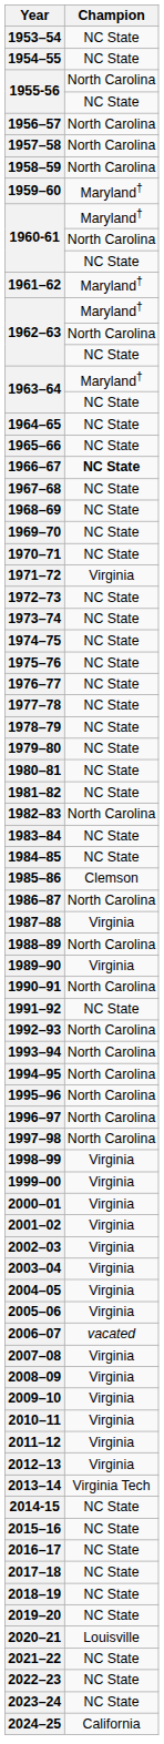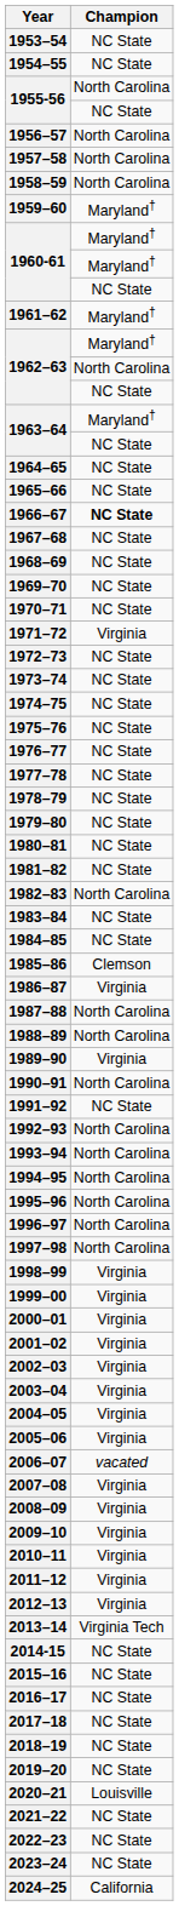 <table class="wikitable" style="text-align: center;">
 <tr>
 <th>Year</th>
 <th>Champion</th>
 </tr>
 <tr>
 <th>1953–54</th>
 <td>NC State</td>
 </tr>
 <tr>
 <th>1954–55</th>
 <td>NC State</td>
 </tr>
 <tr>
 <th rowspan="2">1955-56</th>
 <td>North Carolina</td>
 </tr>
 <tr>
 <td>NC State</td>
 </tr>
 <tr>
 <th>1956–57</th>
 <td>North Carolina</td>
 </tr>
 <tr>
 <th>1957–58</th>
 <td>North Carolina</td>
 </tr>
 <tr>
 <th>1958–59</th>
 <td>North Carolina</td>
 </tr>
 <tr>
 <th>1959–60</th>
 <td>Maryland<sup>†</sup></td>
 </tr>
 <tr>
 <th rowspan="3">1960-61</th>
 <td>Maryland<sup>†</sup></td>
 </tr>
 <tr>
-<td>North Carolina</td>
+<td>Maryland<sup>†</sup></td>
 </tr>
 <tr>
 <td>NC State</td>
 </tr>
 <tr>
 <th>1961–62</th>
 <td>Maryland<sup>†</sup></td>
 </tr>
 <tr>
 <th rowspan="3">1962–63</th>
 <td>Maryland<sup>†</sup></td>
 </tr>
 <tr>
 <td>North Carolina</td>
 </tr>
 <tr>
 <td>NC State</td>
 </tr>
 <tr>
 <th rowspan="2">1963–64</th>
 <td>Maryland<sup>†</sup></td>
 </tr>
 <tr>
 <td>NC State</td>
 </tr>
 <tr>
 <th>1964–65</th>
 <td>NC State</td>
 </tr>
 <tr>
 <th>1965–66</th>
 <td>NC State</td>
 </tr>
 <tr>
 <th>1966–67</th>
 <td><strong>NC State</strong></td>
 </tr>
 <tr>
 <th>1967–68</th>
 <td>NC State</td>
 </tr>
 <tr>
 <th>1968–69</th>
 <td>NC State</td>
 </tr>
 <tr>
 <th>1969–70</th>
 <td>NC State</td>
 </tr>
 <tr>
 <th>1970–71</th>
 <td>NC State</td>
 </tr>
 <tr>
 <th>1971–72</th>
 <td>Virginia</td>
 </tr>
 <tr>
 <th>1972–73</th>
 <td>NC State</td>
 </tr>
 <tr>
 <th>1973–74</th>
 <td>NC State</td>
 </tr>
 <tr>
 <th>1974–75</th>
 <td>NC State</td>
 </tr>
 <tr>
 <th>1975–76</th>
 <td>NC State</td>
 </tr>
 <tr>
 <th>1976–77</th>
 <td>NC State</td>
 </tr>
 <tr>
 <th>1977–78</th>
 <td>NC State</td>
 </tr>
 <tr>
 <th>1978–79</th>
 <td>NC State</td>
 </tr>
 <tr>
 <th>1979–80</th>
 <td>NC State</td>
 </tr>
 <tr>
 <th>1980–81</th>
 <td>NC State</td>
 </tr>
 <tr>
 <th>1981–82</th>
 <td>NC State</td>
 </tr>
 <tr>
 <th>1982–83</th>
 <td>North Carolina</td>
 </tr>
 <tr>
 <th>1983–84</th>
 <td>NC State</td>
 </tr>
 <tr>
 <th>1984–85</th>
 <td>NC State</td>
 </tr>
 <tr>
 <th>1985–86</th>
 <td>Clemson</td>
 </tr>
 <tr>
 <th>1986–87</th>
-<td>North Carolina</td>
+<td>Virginia</td>
 </tr>
 <tr>
 <th>1987–88</th>
-<td>Virginia</td>
+<td>North Carolina</td>
 </tr>
 <tr>
 <th>1988–89</th>
 <td>North Carolina</td>
 </tr>
 <tr>
 <th>1989–90</th>
 <td>Virginia</td>
 </tr>
 <tr>
 <th>1990–91</th>
 <td>North Carolina</td>
 </tr>
 <tr>
 <th>1991–92</th>
 <td>NC State</td>
 </tr>
 <tr>
 <th>1992–93</th>
 <td>North Carolina</td>
 </tr>
 <tr>
 <th>1993–94</th>
 <td>North Carolina</td>
 </tr>
 <tr>
 <th>1994–95</th>
 <td>North Carolina</td>
 </tr>
 <tr>
 <th>1995–96</th>
 <td>North Carolina</td>
 </tr>
 <tr>
 <th>1996–97</th>
 <td>North Carolina</td>
 </tr>
 <tr>
 <th>1997–98</th>
 <td>North Carolina</td>
 </tr>
 <tr>
 <th>1998–99</th>
 <td>Virginia</td>
 </tr>
 <tr>
 <th>1999–00</th>
 <td>Virginia</td>
 </tr>
 <tr>
 <th>2000–01</th>
 <td>Virginia</td>
 </tr>
 <tr>
 <th>2001–02</th>
 <td>Virginia</td>
 </tr>
 <tr>
 <th>2002–03</th>
 <td>Virginia</td>
 </tr>
 <tr>
 <th>2003–04</th>
 <td>Virginia</td>
 </tr>
 <tr>
 <th>2004–05</th>
 <td>Virginia</td>
 </tr>
 <tr>
 <th>2005–06</th>
 <td>Virginia</td>
 </tr>
 <tr>
 <th>2006–07</th>
 <td><em>vacated</em></td>
 </tr>
 <tr>
 <th>2007–08</th>
 <td>Virginia</td>
 </tr>
 <tr>
 <th>2008–09</th>
 <td>Virginia</td>
 </tr>
 <tr>
 <th>2009–10</th>
 <td>Virginia</td>
 </tr>
 <tr>
 <th>2010–11</th>
 <td>Virginia</td>
 </tr>
 <tr>
 <th>2011–12</th>
 <td>Virginia</td>
 </tr>
 <tr>
 <th>2012–13</th>
 <td>Virginia</td>
 </tr>
 <tr>
 <th>2013–14</th>
 <td>Virginia Tech</td>
 </tr>
 <tr>
 <th>2014-15</th>
 <td>NC State</td>
 </tr>
 <tr>
 <th>2015–16</th>
 <td>NC State</td>
 </tr>
 <tr>
 <th>2016–17</th>
 <td>NC State</td>
 </tr>
 <tr>
 <th>2017–18</th>
 <td>NC State</td>
 </tr>
 <tr>
 <th>2018–19</th>
 <td>NC State</td>
 </tr>
 <tr>
 <th>2019–20</th>
 <td>NC State</td>
 </tr>
 <tr>
 <th>2020–21</th>
 <td>Louisville</td>
 </tr>
 <tr>
 <th>2021–22</th>
 <td>NC State</td>
 </tr>
 <tr>
 <th>2022–23</th>
 <td>NC State</td>
 </tr>
 <tr>
 <th>2023–24</th>
 <td>NC State</td>
 </tr>
 <tr>
 <th>2024–25</th>
 <td>California</td>
 </tr>
 </table>
